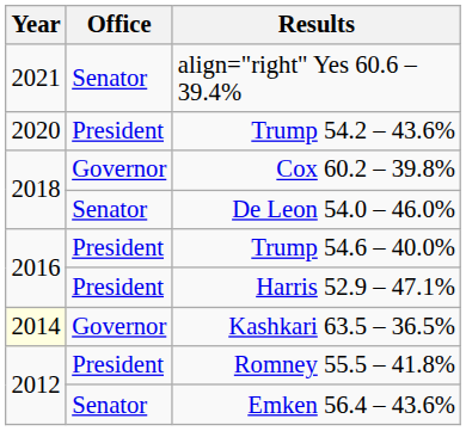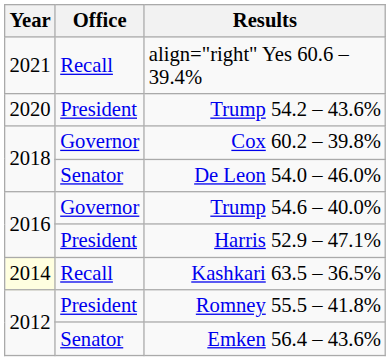 <table class=wikitable>
 <tr>
 <th width="30">Year</th>
 <th width="60">Office</th>
 <th width="180">Results</th>
 </tr>
 <tr>
 <td>2021</td>
-<td><a href='#'>Senator</a></td>
+<td><a href='#'>Recall</a></td>
 <td>align="right"  Yes 60.6 – 39.4%</td>
 </tr>
 <tr>
 <td rowspan=“2”>2020</td>
 <td><a href='#'>President</a><br></td>
 <td align="right" ><a href='#'>Trump</a> 54.2 – 43.6%</td>
 </tr>
 <tr>
 <td rowspan="2">2018</td>
 <td><a href='#'>Governor</a></td>
 <td align="right" ><a href='#'>Cox</a> 60.2 – 39.8%</td>
 </tr>
 <tr>
 <td><a href='#'>Senator</a></td>
 <td align="right" ><a href='#'>De Leon</a> 54.0 – 46.0%</td>
 </tr>
 <tr>
 <td rowspan="2">2016</td>
-<td><a href='#'>President</a></td>
+<td><a href='#'>Governor</a></td>
 <td align="right" ><a href='#'>Trump</a> 54.6 – 40.0%</td>
 </tr>
 <tr>
 <td><a href='#'>President</a></td>
 <td align="right" ><a href='#'>Harris</a> 52.9 – 47.1%</td>
 </tr>
 <tr>
 <td style="background: lightyellow;">2014</td>
-<td><a href='#'>Governor</a></td>
+<td><a href='#'>Recall</a></td>
 <td align="right" ><a href='#'>Kashkari</a> 63.5 – 36.5%</td>
 </tr>
 <tr>
 <td rowspan="2">2012</td>
 <td><a href='#'>President</a></td>
 <td align="right" ><a href='#'>Romney</a> 55.5 – 41.8%</td>
 </tr>
 <tr>
 <td><a href='#'>Senator</a></td>
 <td align="right" ><a href='#'>Emken</a> 56.4 – 43.6%</td>
 </tr>
 </table>
